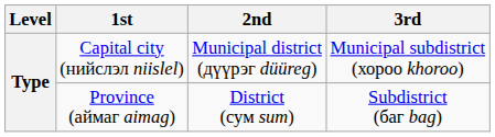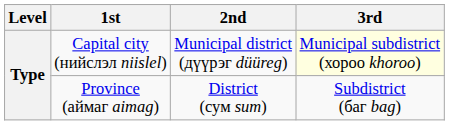 <table class="wikitable" | style="text-align:center">
 <tr>
 <th>Level</th>
 <th>1st</th>
 <th>2nd</th>
 <th>3rd</th>
 </tr>
 <tr>
 <th rowspan="2">Type</th>
 <td><a href='#'>Capital city</a><br>(нийслэл <em>niislel</em>)</td>
 <td><a href='#'>Municipal district</a><br>(дүүрэг <em>düüreg</em>)</td>
-<td><a href='#'>Municipal subdistrict</a><br>(хороо <em>khoroo</em>)</td>
+<td style="background: lightyellow;"><a href='#'>Municipal subdistrict</a><br>(хороо <em>khoroo</em>)</td>
 </tr>
 <tr>
 <td><a href='#'>Province</a><br>(аймаг <em>aimag</em>)</td>
 <td><a href='#'>District</a><br>(сум <em>sum</em>)</td>
 <td><a href='#'>Subdistrict</a><br>(баг <em>bag</em>)</td>
 </tr>
 </table>
